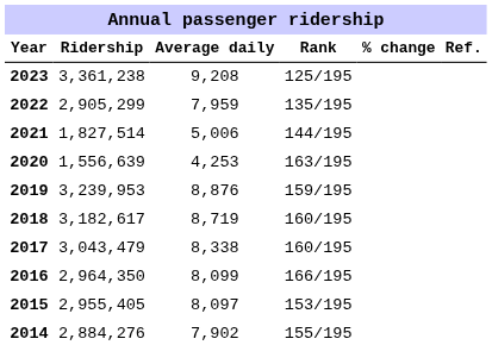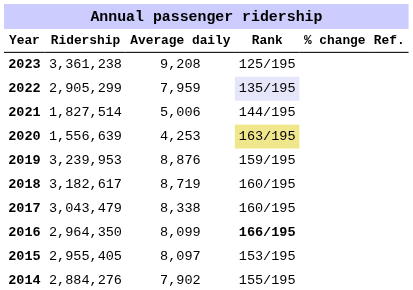 <table class="toccolours" cellpadding="4" cellspacing="0" style="text-align:right;">
 <tr>
 <th colspan="6"  style="background-color:#ccf; background-color:#ccf; font-size:110%; text-align:center;">Annual passenger ridership</th>
 </tr>
 <tr style="font-size:95%; text-align:center">
 <th style="border-bottom:1px solid black">Year</th>
 <th style="border-bottom:1px solid black">Ridership</th>
 <th style="border-bottom:1px solid black">Average daily</th>
 <th style="border-bottom:1px solid black">Rank</th>
 <th style="border-bottom:1px solid black">% change</th>
 <th style="border-bottom:1px solid black">Ref.</th>
 </tr>
 <tr style="text-align:center;">
 <td><strong>2023</strong></td>
 <td>3,361,238</td>
 <td>9,208</td>
 <td>125/195</td>
 <td></td>
 <td></td>
 </tr>
 <tr style="text-align:center;">
 <td><strong>2022</strong></td>
 <td>2,905,299</td>
 <td>7,959</td>
-<td>135/195</td>
+<td style="background: lavender;">135/195</td>
 <td></td>
 <td></td>
 </tr>
 <tr style="text-align:center;">
 <td><strong>2021</strong></td>
 <td>1,827,514</td>
 <td>5,006</td>
 <td>144/195</td>
 <td></td>
 <td></td>
 </tr>
 <tr style="text-align:center;">
 <td><strong>2020</strong></td>
 <td>1,556,639</td>
 <td>4,253</td>
-<td>163/195</td>
+<td style="background: khaki;">163/195</td>
 <td></td>
 <td></td>
 </tr>
 <tr style="text-align:center;">
 <td><strong>2019</strong></td>
 <td>3,239,953</td>
 <td>8,876</td>
 <td>159/195</td>
 <td></td>
 <td></td>
 </tr>
 <tr style="text-align:center;">
 <td><strong>2018</strong></td>
 <td>3,182,617</td>
 <td>8,719</td>
 <td>160/195</td>
 <td></td>
 <td></td>
 </tr>
 <tr style="text-align:center;">
 <td><strong>2017</strong></td>
 <td>3,043,479</td>
 <td>8,338</td>
 <td>160/195</td>
 <td></td>
 <td></td>
 </tr>
 <tr style="text-align:center;">
 <td><strong>2016</strong></td>
 <td>2,964,350</td>
 <td>8,099</td>
-<td>166/195</td>
+<td><strong>166/195</strong></td>
 <td></td>
 <td></td>
 </tr>
 <tr style="text-align:center;">
 <td><strong>2015</strong></td>
 <td>2,955,405</td>
 <td>8,097</td>
 <td>153/195</td>
 <td></td>
 <td></td>
 </tr>
 <tr style="text-align:center;">
 <td><strong>2014</strong></td>
 <td>2,884,276</td>
 <td>7,902</td>
 <td>155/195</td>
 <td></td>
 <td></td>
 </tr>
 </table>
